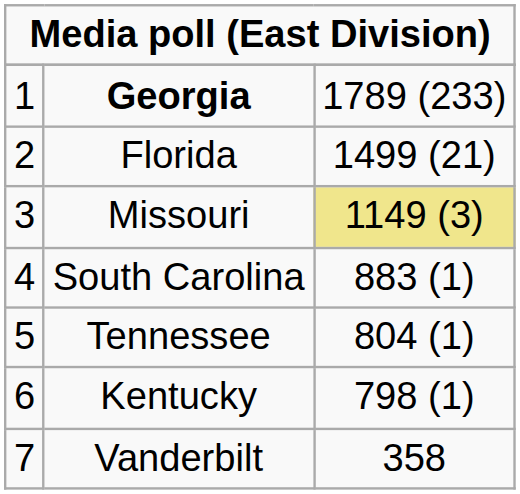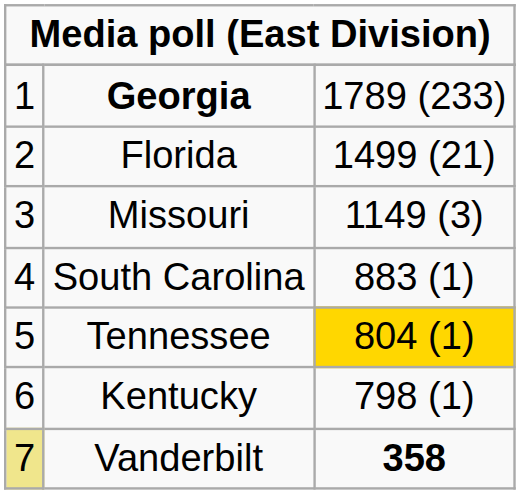 <table class="wikitable" style="display: inline-table;">
 <tr>
 <td align="center" Colspan="3"><strong>Media poll (East Division)</strong></td>
 </tr>
 <tr align="center">
 </tr>
 <tr align="center">
 <td>1</td>
 <td><strong>Georgia</strong></td>
 <td>1789 (233)</td>
 </tr>
 <tr align="center">
 <td>2</td>
 <td>Florida</td>
 <td>1499 (21)</td>
 </tr>
 <tr align="center">
 <td>3</td>
 <td>Missouri</td>
-<td style="background: khaki;">1149 (3)</td>
+<td>1149 (3)</td>
 </tr>
 <tr align="center">
 <td>4</td>
 <td>South Carolina</td>
 <td>883 (1)</td>
 </tr>
 <tr align="center">
 <td>5</td>
 <td>Tennessee</td>
-<td>804 (1)</td>
+<td style="background: gold;">804 (1)</td>
 </tr>
 <tr align="center">
 <td>6</td>
 <td>Kentucky</td>
 <td>798 (1)</td>
 </tr>
 <tr align="center">
-<td>7</td>
+<td style="background: khaki;">7</td>
 <td>Vanderbilt</td>
-<td>358</td>
+<td><strong>358</strong></td>
 </tr>
 </table>
